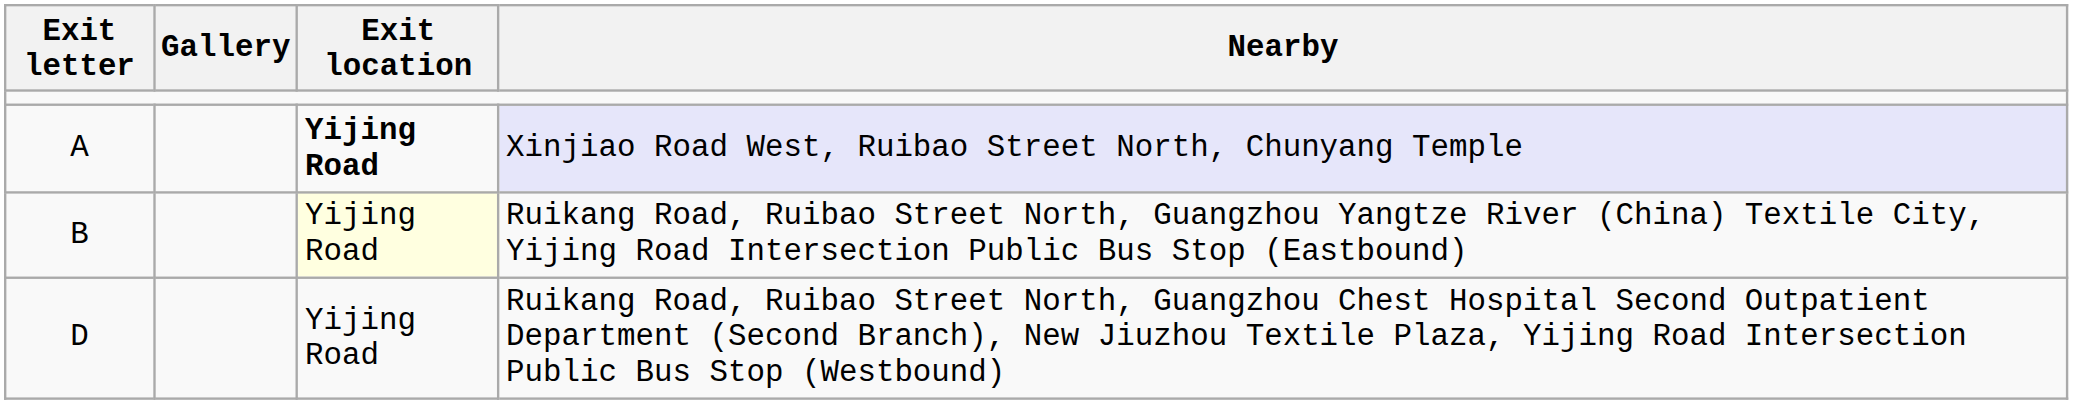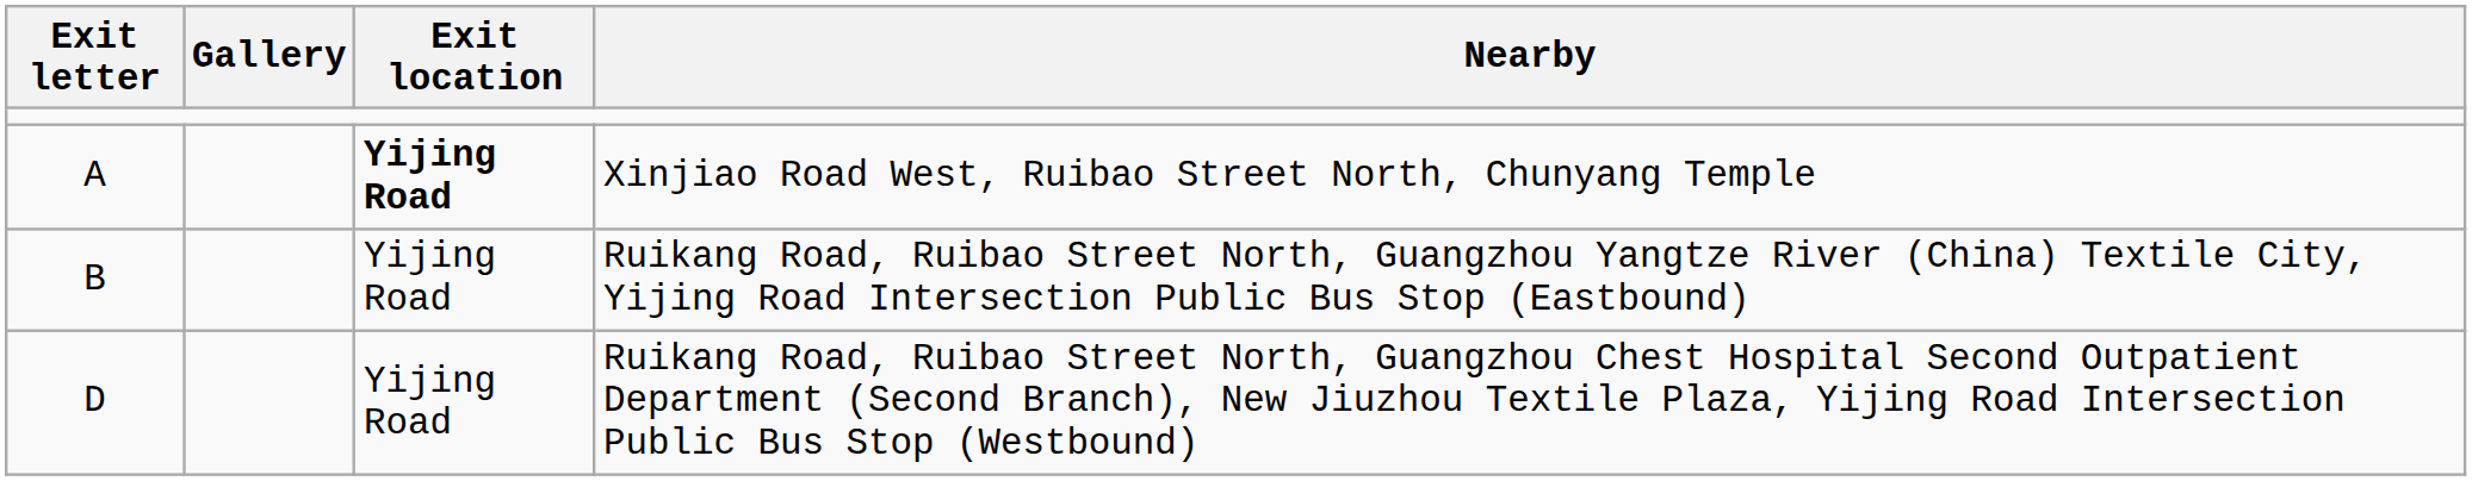 <table class="wikitable">
 <tr>
 <th style="width:70px" colspan="3">Exit letter</th>
 <th>Gallery</th>
 <th>Exit location</th>
 <th>Nearby</th>
 </tr>
 <tr style="background:#">
 <td colspan = "6"></td>
 </tr>
 <tr>
 <td align="center" colspan="3">A</td>
 <td></td>
 <td><strong>Yijing Road</strong></td>
-<td style="background: lavender;">Xinjiao Road West, Ruibao Street North, Chunyang Temple</td>
+<td>Xinjiao Road West, Ruibao Street North, Chunyang Temple</td>
 </tr>
 <tr>
 <td align="center" colspan="3">B</td>
 <td><br></td>
-<td style="background: lightyellow;">Yijing Road</td>
+<td>Yijing Road</td>
 <td>Ruikang Road, Ruibao Street North, Guangzhou Yangtze River (China) Textile City, Yijing Road Intersection Public Bus Stop (Eastbound)</td>
 </tr>
 <tr>
 <td align="center" colspan="3">D</td>
 <td><br></td>
 <td>Yijing Road</td>
 <td>Ruikang Road, Ruibao Street North, Guangzhou Chest Hospital Second Outpatient Department (Second Branch), New Jiuzhou Textile Plaza, Yijing Road Intersection Public Bus Stop (Westbound)</td>
 </tr>
 </table>
